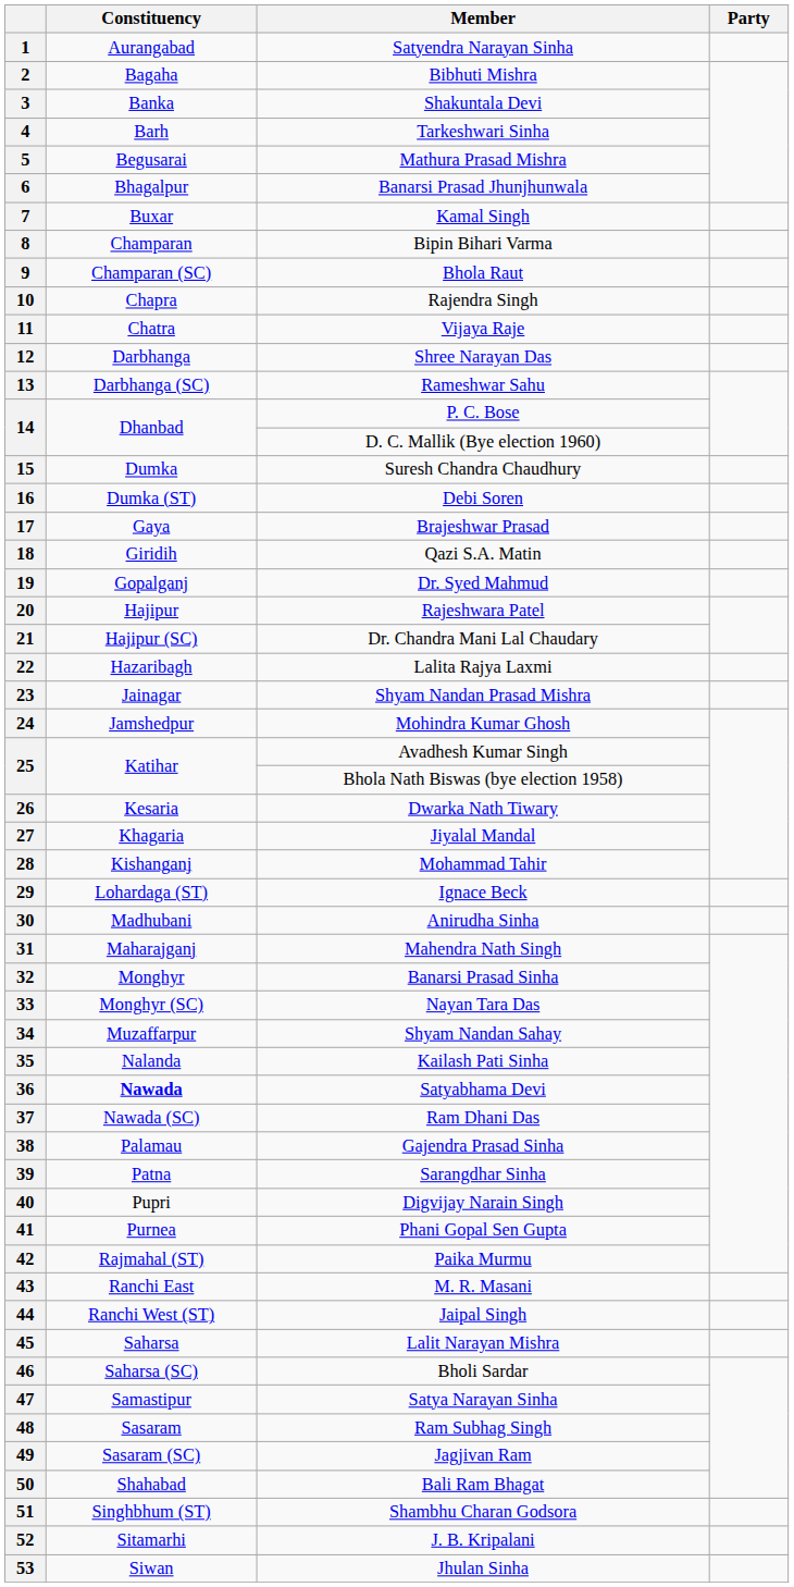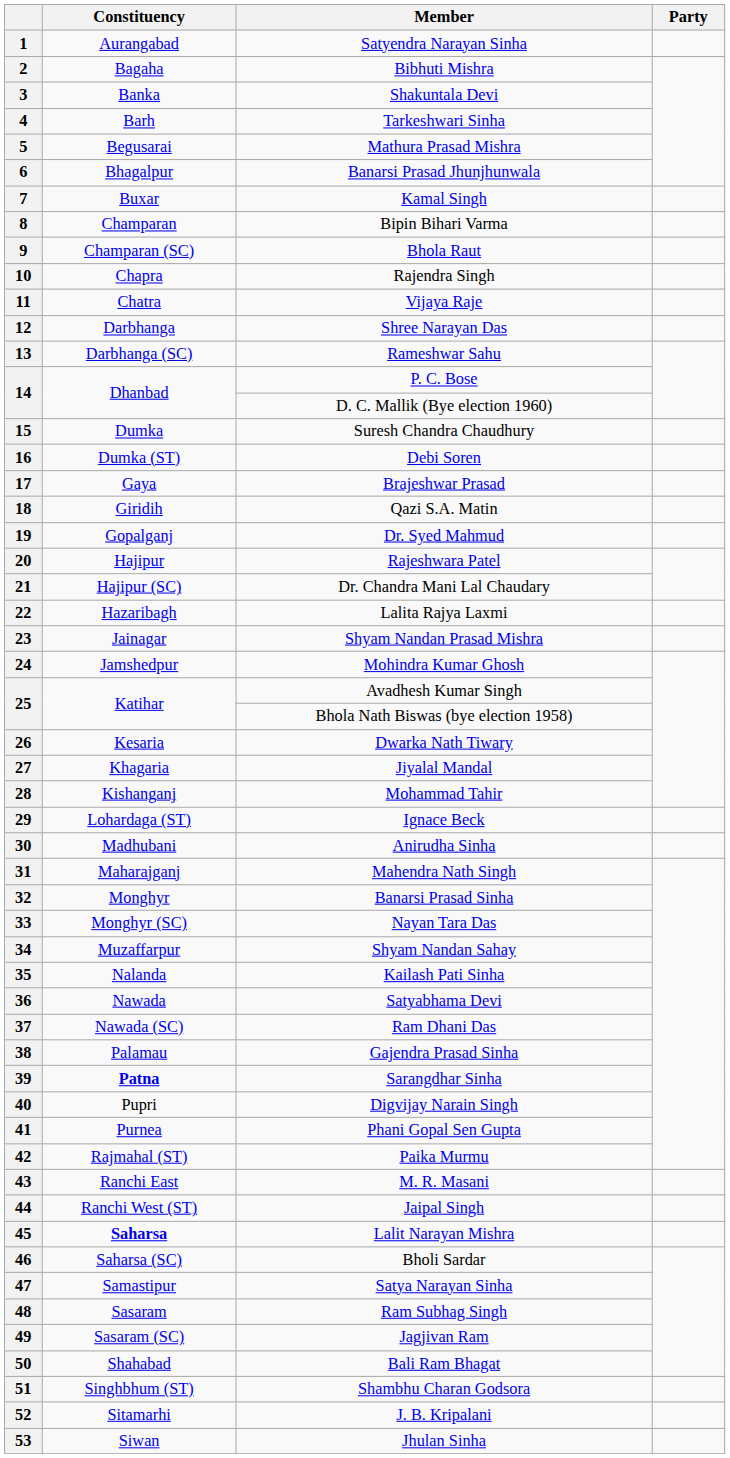 <table class="wikitable sortable" style="width:80%; text-align:center">
 <tr>
 <th></th>
 <th>Constituency</th>
 <th>Member</th>
 <th colspan="2" scope="col">Party</th>
 </tr>
 <tr>
 <th>1</th>
 <td><a href='#'>Aurangabad</a></td>
 <td><a href='#'>Satyendra Narayan Sinha</a></td>
 <td></td>
 </tr>
 <tr>
 <th>2</th>
 <td><a href='#'>Bagaha</a></td>
 <td><a href='#'>Bibhuti Mishra</a></td>
 </tr>
 <tr>
 <th>3</th>
 <td><a href='#'>Banka</a></td>
 <td><a href='#'>Shakuntala Devi</a></td>
 </tr>
 <tr>
 <th>4</th>
 <td><a href='#'>Barh</a></td>
 <td><a href='#'>Tarkeshwari Sinha</a></td>
 </tr>
 <tr>
 <th>5</th>
 <td><a href='#'>Begusarai</a></td>
 <td><a href='#'>Mathura Prasad Mishra</a></td>
 </tr>
 <tr>
 <th>6</th>
 <td><a href='#'>Bhagalpur</a></td>
 <td><a href='#'>Banarsi Prasad Jhunjhunwala</a></td>
 </tr>
 <tr>
 <th>7</th>
 <td><a href='#'>Buxar</a></td>
 <td><a href='#'>Kamal Singh</a></td>
 <td></td>
 </tr>
 <tr>
 <th>8</th>
 <td><a href='#'>Champaran</a></td>
 <td>Bipin Bihari Varma</td>
 <td></td>
 </tr>
 <tr>
 <th>9</th>
 <td><a href='#'>Champaran (SC)</a></td>
 <td><a href='#'>Bhola Raut</a></td>
 </tr>
 <tr>
 <th>10</th>
 <td><a href='#'>Chapra</a></td>
 <td>Rajendra Singh</td>
 <td></td>
 </tr>
 <tr>
 <th>11</th>
 <td><a href='#'>Chatra</a></td>
 <td><a href='#'>Vijaya Raje</a></td>
 <td></td>
 </tr>
 <tr>
 <th>12</th>
 <td><a href='#'>Darbhanga</a></td>
 <td><a href='#'>Shree Narayan Das</a></td>
 <td></td>
 </tr>
 <tr>
 <th>13</th>
 <td><a href='#'>Darbhanga (SC)</a></td>
 <td><a href='#'>Rameshwar Sahu</a></td>
 </tr>
 <tr>
 <th rowspan="2">14</th>
 <td rowspan="2"><a href='#'>Dhanbad</a></td>
 <td><a href='#'>P. C. Bose</a></td>
 </tr>
 <tr>
 <td>D. C. Mallik (Bye election 1960)</td>
 </tr>
 <tr>
 <th>15</th>
 <td><a href='#'>Dumka</a></td>
 <td>Suresh Chandra Chaudhury</td>
 <td></td>
 </tr>
 <tr>
 <th>16</th>
 <td><a href='#'>Dumka (ST)</a></td>
 <td><a href='#'>Debi Soren</a></td>
 </tr>
 <tr>
 <th>17</th>
 <td><a href='#'>Gaya</a></td>
 <td><a href='#'>Brajeshwar Prasad</a></td>
 <td></td>
 </tr>
 <tr>
 <th>18</th>
 <td><a href='#'>Giridih</a></td>
 <td>Qazi S.A. Matin</td>
 <td></td>
 </tr>
 <tr>
 <th>19</th>
 <td><a href='#'>Gopalganj</a></td>
 <td><a href='#'>Dr. Syed Mahmud</a></td>
 <td></td>
 </tr>
 <tr>
 <th>20</th>
 <td><a href='#'>Hajipur</a></td>
 <td><a href='#'>Rajeshwara Patel</a></td>
 </tr>
 <tr>
 <th>21</th>
 <td><a href='#'>Hajipur (SC)</a></td>
 <td>Dr. Chandra Mani Lal Chaudary</td>
 </tr>
 <tr>
 <th>22</th>
 <td><a href='#'>Hazaribagh</a></td>
 <td>Lalita Rajya Laxmi</td>
 <td></td>
 </tr>
 <tr>
 <th>23</th>
 <td><a href='#'>Jainagar</a></td>
 <td><a href='#'>Shyam Nandan Prasad Mishra</a></td>
 <td></td>
 </tr>
 <tr>
 <th>24</th>
 <td><a href='#'>Jamshedpur</a></td>
 <td><a href='#'>Mohindra Kumar Ghosh</a></td>
 </tr>
 <tr>
 <th rowspan="2">25</th>
 <td rowspan=2><a href='#'>Katihar</a></td>
 <td>Avadhesh Kumar Singh</td>
 </tr>
 <tr>
 <td>Bhola Nath Biswas (bye election 1958)</td>
 </tr>
 <tr>
 <th>26</th>
 <td><a href='#'>Kesaria</a></td>
 <td><a href='#'>Dwarka Nath Tiwary</a></td>
 </tr>
 <tr>
 <th>27</th>
 <td><a href='#'>Khagaria</a></td>
 <td><a href='#'>Jiyalal Mandal</a></td>
 </tr>
 <tr>
 <th>28</th>
 <td><a href='#'>Kishanganj</a></td>
 <td><a href='#'>Mohammad Tahir</a></td>
 </tr>
 <tr>
 <th>29</th>
 <td><a href='#'>Lohardaga (ST)</a></td>
 <td><a href='#'>Ignace Beck</a></td>
 <td></td>
 </tr>
 <tr>
 <th>30</th>
 <td><a href='#'>Madhubani</a></td>
 <td><a href='#'>Anirudha Sinha</a></td>
 <td></td>
 </tr>
 <tr>
 <th>31</th>
 <td><a href='#'>Maharajganj</a></td>
 <td><a href='#'>Mahendra Nath Singh</a></td>
 </tr>
 <tr>
 <th>32</th>
 <td><a href='#'>Monghyr</a></td>
 <td><a href='#'>Banarsi Prasad Sinha</a></td>
 </tr>
 <tr>
 <th>33</th>
 <td><a href='#'>Monghyr (SC)</a></td>
 <td><a href='#'>Nayan Tara Das</a></td>
 </tr>
 <tr>
 <th>34</th>
 <td><a href='#'>Muzaffarpur</a></td>
 <td><a href='#'>Shyam Nandan Sahay</a></td>
 </tr>
 <tr>
 <th>35</th>
 <td><a href='#'>Nalanda</a></td>
 <td><a href='#'>Kailash Pati Sinha</a></td>
 </tr>
 <tr>
 <th>36</th>
-<td><strong><a href='#'>Nawada</a></strong></td>
+<td><a href='#'>Nawada</a></td>
 <td><a href='#'>Satyabhama Devi</a></td>
 </tr>
 <tr>
 <th>37</th>
 <td><a href='#'>Nawada (SC)</a></td>
 <td><a href='#'>Ram Dhani Das</a></td>
 </tr>
 <tr>
 <th>38</th>
 <td><a href='#'>Palamau</a></td>
 <td><a href='#'>Gajendra Prasad Sinha</a></td>
 </tr>
 <tr>
 <th>39</th>
-<td><a href='#'>Patna</a></td>
+<td><strong><a href='#'>Patna</a></strong></td>
 <td><a href='#'>Sarangdhar Sinha</a></td>
 </tr>
 <tr>
 <th>40</th>
 <td>Pupri</td>
 <td><a href='#'>Digvijay Narain Singh</a></td>
 </tr>
 <tr>
 <th>41</th>
 <td><a href='#'>Purnea</a></td>
 <td><a href='#'>Phani Gopal Sen Gupta</a></td>
 </tr>
 <tr>
 <th>42</th>
 <td><a href='#'>Rajmahal (ST)</a></td>
 <td><a href='#'>Paika Murmu</a></td>
 </tr>
 <tr>
 <th>43</th>
 <td><a href='#'>Ranchi East</a></td>
 <td><a href='#'>M. R. Masani</a></td>
 <td></td>
 </tr>
 <tr>
 <th>44</th>
 <td><a href='#'>Ranchi West (ST)</a></td>
 <td><a href='#'>Jaipal Singh</a></td>
 </tr>
 <tr>
 <th>45</th>
-<td><a href='#'>Saharsa</a></td>
+<td><strong><a href='#'>Saharsa</a></strong></td>
 <td><a href='#'>Lalit Narayan Mishra</a></td>
 <td></td>
 </tr>
 <tr>
 <th>46</th>
 <td><a href='#'>Saharsa (SC)</a></td>
 <td>Bholi Sardar</td>
 </tr>
 <tr>
 <th>47</th>
 <td><a href='#'>Samastipur</a></td>
 <td><a href='#'>Satya Narayan Sinha</a></td>
 </tr>
 <tr>
 <th>48</th>
 <td><a href='#'>Sasaram</a></td>
 <td><a href='#'>Ram Subhag Singh</a></td>
 </tr>
 <tr>
 <th>49</th>
 <td><a href='#'>Sasaram (SC)</a></td>
 <td><a href='#'>Jagjivan Ram</a></td>
 </tr>
 <tr>
 <th>50</th>
 <td><a href='#'>Shahabad</a></td>
 <td><a href='#'>Bali Ram Bhagat</a></td>
 </tr>
 <tr>
 <th>51</th>
 <td><a href='#'>Singhbhum (ST)</a></td>
 <td><a href='#'>Shambhu Charan Godsora</a></td>
 <td></td>
 </tr>
 <tr>
 <th>52</th>
 <td><a href='#'>Sitamarhi</a></td>
 <td><a href='#'>J. B. Kripalani</a></td>
 <td></td>
 </tr>
 <tr>
 <th>53</th>
 <td><a href='#'>Siwan</a></td>
 <td><a href='#'>Jhulan Sinha</a></td>
 <td></td>
 </tr>
 <tr>
 </tr>
 </table>
